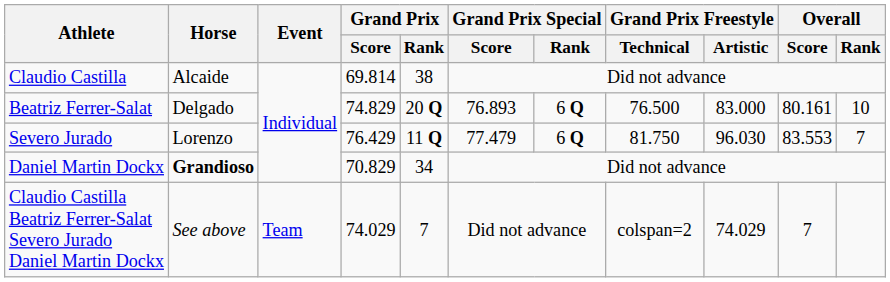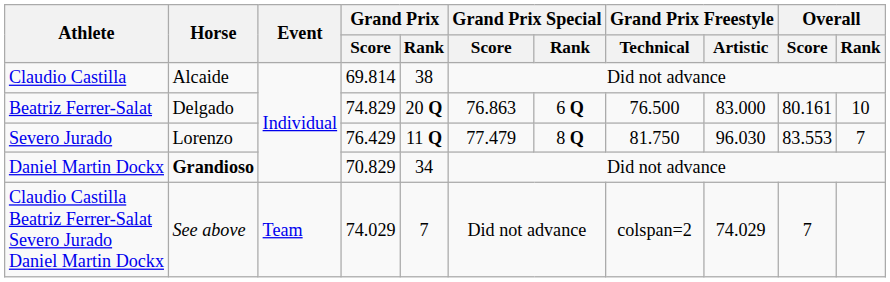 <table class=wikitable style="font-size:90%">
 <tr>
 <th rowspan="2">Athlete</th>
 <th rowspan="2">Horse</th>
 <th rowspan="2">Event</th>
 <th colspan="2">Grand Prix</th>
 <th colspan="2">Grand Prix Special</th>
 <th colspan="2">Grand Prix Freestyle</th>
 <th colspan="2">Overall</th>
 </tr>
 <tr style="font-size:95%">
 <th>Score</th>
 <th>Rank</th>
 <th>Score</th>
 <th>Rank</th>
 <th>Technical</th>
 <th>Artistic</th>
 <th>Score</th>
 <th>Rank</th>
 </tr>
 <tr align=center>
 <td align=left><a href='#'>Claudio Castilla</a></td>
 <td align=left>Alcaide</td>
 <td rowspan="4" style="text-align:left;"><a href='#'>Individual</a></td>
 <td>69.814</td>
 <td>38</td>
 <td colspan=6>Did not advance</td>
 </tr>
 <tr align=center>
 <td align=left><a href='#'>Beatriz Ferrer-Salat</a></td>
 <td align=left>Delgado</td>
 <td>74.829</td>
 <td>20 <strong>Q</strong></td>
-<td>76.893</td>
+<td>76.863</td>
 <td>6 <strong>Q</strong></td>
 <td>76.500</td>
 <td>83.000</td>
 <td>80.161</td>
 <td>10</td>
 </tr>
 <tr align=center>
 <td align=left><a href='#'>Severo Jurado</a></td>
 <td align=left>Lorenzo</td>
 <td>76.429</td>
 <td>11 <strong>Q</strong></td>
 <td>77.479</td>
-<td>6 <strong>Q</strong></td>
+<td>8 <strong>Q</strong></td>
 <td>81.750</td>
 <td>96.030</td>
 <td>83.553</td>
 <td>7</td>
 </tr>
 <tr align=center>
 <td align=left><a href='#'>Daniel Martin Dockx</a></td>
 <td align=left><strong>Grandioso</strong></td>
 <td>70.829</td>
 <td>34</td>
 <td colspan=6>Did not advance</td>
 </tr>
 <tr align=center>
 <td align=left><a href='#'>Claudio Castilla</a><br><a href='#'>Beatriz Ferrer-Salat</a><br><a href='#'>Severo Jurado</a><br><a href='#'>Daniel Martin Dockx</a></td>
 <td align=left><em>See above</em></td>
 <td align=left><a href='#'>Team</a></td>
 <td>74.029</td>
 <td>7</td>
 <td colspan=2>Did not advance</td>
 <td>colspan=2 </td>
 <td>74.029</td>
 <td>7</td>
 </tr>
 </table>
